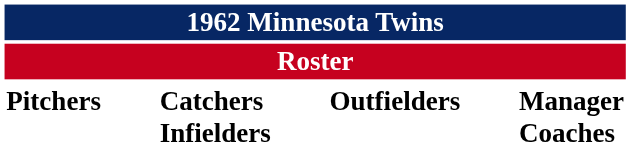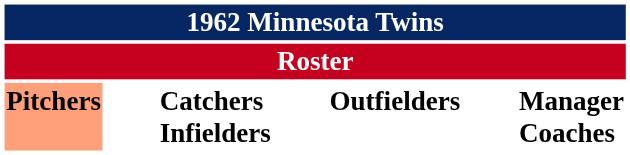 <table class="toccolours" style="font-size: 95%;">
 <tr>
 <th colspan="10" style="background-color: #072764; color: white; text-align: center;">1962 Minnesota Twins</th>
 </tr>
 <tr>
 <td colspan="10" style="background-color: #c6011f; color: white; text-align: center;"><strong>Roster</strong></td>
 </tr>
 <tr>
-<td valign="top"><strong>Pitchers</strong><br>                 </td>
+<td valign="top" style="background: lightsalmon;"><strong>Pitchers</strong><br>                 </td>
 <td width="25px"></td>
 <td valign="top"><strong>Catchers</strong><br>   <strong>Infielders</strong>        </td>
 <td width="25px"></td>
 <td valign="top"><strong>Outfielders</strong><br>      </td>
 <td width="25px"></td>
 <td valign="top"><strong>Manager</strong><br> <strong>Coaches</strong>    </td>
 </tr>
 <tr>
 </tr>
 </table>
